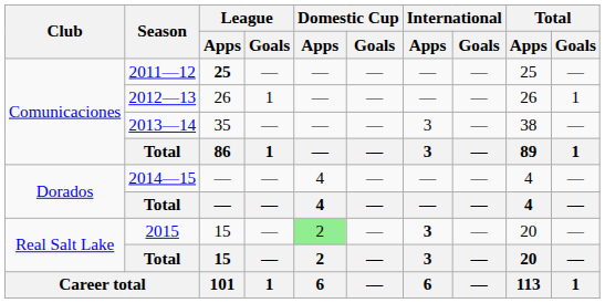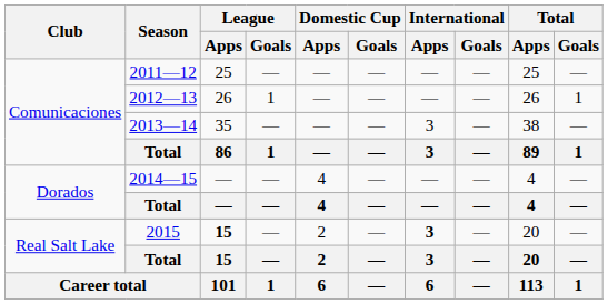 <table class="wikitable" style="text-align: center;">
 <tr>
 <th rowspan="2">Club</th>
 <th rowspan="2">Season</th>
 <th colspan="2">League</th>
 <th colspan="2">Domestic Cup</th>
 <th colspan="2">International</th>
 <th colspan="2">Total</th>
 </tr>
 <tr>
 <th>Apps</th>
 <th>Goals</th>
 <th>Apps</th>
 <th>Goals</th>
 <th>Apps</th>
 <th>Goals</th>
 <th>Apps</th>
 <th>Goals</th>
 </tr>
 <tr>
 <td rowspan="4"><a href='#'>Comunicaciones</a></td>
 <td><a href='#'>2011—12</a></td>
-<td><strong>25</strong></td>
+<td>25</td>
 <td>—</td>
 <td>—</td>
 <td>—</td>
 <td>—</td>
 <td>—</td>
 <td>25</td>
 <td>—</td>
 </tr>
 <tr>
 <td><a href='#'>2012—13</a></td>
 <td>26</td>
 <td>1</td>
 <td>—</td>
 <td>—</td>
 <td>—</td>
 <td>—</td>
 <td>26</td>
 <td>1</td>
 </tr>
 <tr>
 <td><a href='#'>2013—14</a></td>
 <td>35</td>
 <td>—</td>
 <td>—</td>
 <td>—</td>
 <td>3</td>
 <td>—</td>
 <td>38</td>
 <td>—</td>
 </tr>
 <tr>
 <th colspan="1">Total</th>
 <th>86</th>
 <th>1</th>
 <th>—</th>
 <th>—</th>
 <th>3</th>
 <th>—</th>
 <th>89</th>
 <th>1</th>
 </tr>
 <tr>
 <td rowspan="2"><a href='#'>Dorados</a></td>
 <td><a href='#'>2014—15</a></td>
 <td>—</td>
 <td>—</td>
 <td>4</td>
 <td>—</td>
 <td>—</td>
 <td>—</td>
 <td>4</td>
 <td>—</td>
 </tr>
 <tr>
 <th colspan="1">Total</th>
 <th>—</th>
 <th>—</th>
 <th>4</th>
 <th>—</th>
 <th>—</th>
 <th>—</th>
 <th>4</th>
 <th>—</th>
 </tr>
 <tr>
 <td rowspan="2"><a href='#'>Real Salt Lake</a></td>
 <td><a href='#'>2015</a></td>
-<td>15</td>
+<td><strong>15</strong></td>
 <td>—</td>
-<td style="background: lightgreen;">2</td>
+<td>2</td>
 <td>—</td>
 <td><strong>3</strong></td>
 <td>—</td>
 <td>20</td>
 <td>—</td>
 </tr>
 <tr>
 <th colspan="1">Total</th>
 <th>15</th>
 <th>—</th>
 <th>2</th>
 <th>—</th>
 <th>3</th>
 <th>—</th>
 <th>20</th>
 <th>—</th>
 </tr>
 <tr>
 <th colspan="2">Career total</th>
 <th>101</th>
 <th>1</th>
 <th>6</th>
 <th>—</th>
 <th>6</th>
 <th>—</th>
 <th>113</th>
 <th>1</th>
 </tr>
 </table>
